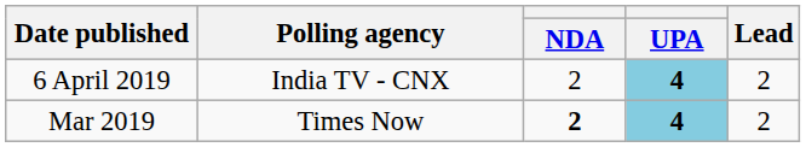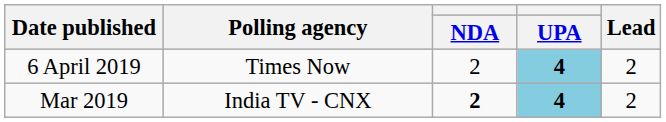 <table class="wikitable sortable" style="text-align:center;font-size:95%;line-height:16px">
 <tr>
 <th rowspan="2" width="100px">Date published</th>
 <th rowspan="2" width="175px">Polling agency</th>
 <th style="background:"></th>
 <th style="background:"></th>
 <th rowspan="2">Lead</th>
 </tr>
 <tr>
 <th width="50px" class="unsortable"><a href='#'>NDA</a></th>
 <th width="50px" class="unsortable"><a href='#'>UPA</a></th>
 </tr>
 <tr>
 <td>6 April 2019</td>
-<td>India TV - CNX</td>
+<td>Times Now</td>
 <td>2</td>
 <td style="background:#84CCE0"><strong>4</strong></td>
 <td style="background:"><span>2</span></td>
 </tr>
 <tr>
 <td>Mar 2019</td>
-<td>Times Now</td>
+<td>India TV - CNX</td>
 <td><strong>2</strong></td>
 <td style="background:#84CCE0"><strong>4</strong></td>
 <td style="background:"><span>2</span></td>
 </tr>
 </table>
